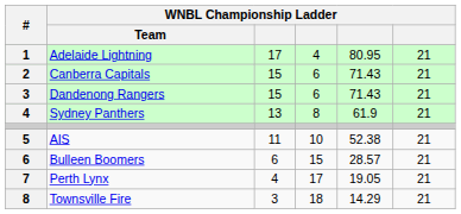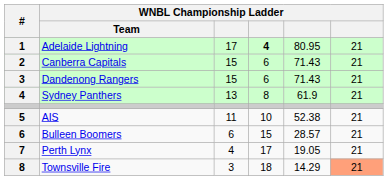 <table class="wikitable" width="43.5%" style="font-size:95%; text-align:center">
 <tr>
 <th width="5%" rowspan=2>#</th>
 <th colspan="6" align="center"><strong>WNBL Championship Ladder</strong></th>
 </tr>
 <tr>
 <th width="25%">Team</th>
 <th width="5%"></th>
 <th width="5%"></th>
 <th width="5%"></th>
 <th width="7.5%"></th>
 </tr>
 <tr style="background-color:#CCFFCC">
 <th>1</th>
 <td style="text-align:left;"><a href='#'>Adelaide Lightning</a></td>
 <td>17</td>
-<td>4</td>
+<td><strong>4</strong></td>
 <td>80.95</td>
 <td>21</td>
 </tr>
 <tr style="background-color:#CCFFCC">
 <th>2</th>
 <td style="text-align:left;"><a href='#'>Canberra Capitals</a></td>
 <td>15</td>
 <td>6</td>
 <td>71.43</td>
 <td>21</td>
 </tr>
 <tr style="background-color:#CCFFCC">
 <th>3</th>
 <td style="text-align:left;"><a href='#'>Dandenong Rangers</a></td>
 <td>15</td>
 <td>6</td>
 <td>71.43</td>
 <td>21</td>
 </tr>
 <tr style="background-color:#CCFFCC">
 <th>4</th>
 <td style="text-align:left;"><a href='#'>Sydney Panthers</a></td>
 <td>13</td>
 <td>8</td>
 <td>61.9</td>
 <td>21</td>
 </tr>
 <tr style="background-color:#cccccc;">
 <td></td>
 <td></td>
 <td></td>
 <td></td>
 <td></td>
 <td></td>
 </tr>
 <tr>
 <th>5</th>
 <td style="text-align:left;"><a href='#'>AIS</a></td>
 <td>11</td>
 <td>10</td>
 <td>52.38</td>
 <td>21</td>
 </tr>
 <tr>
 <th>6</th>
 <td style="text-align:left;"><a href='#'>Bulleen Boomers</a></td>
 <td>6</td>
 <td>15</td>
 <td>28.57</td>
 <td>21</td>
 </tr>
 <tr>
 <th>7</th>
 <td style="text-align:left;"><a href='#'>Perth Lynx</a></td>
 <td>4</td>
 <td>17</td>
 <td>19.05</td>
 <td>21</td>
 </tr>
 <tr>
 <th>8</th>
 <td style="text-align:left;"><a href='#'>Townsville Fire</a></td>
 <td>3</td>
 <td>18</td>
 <td>14.29</td>
-<td>21</td>
+<td style="background: lightsalmon;">21</td>
 </tr>
 </table>
